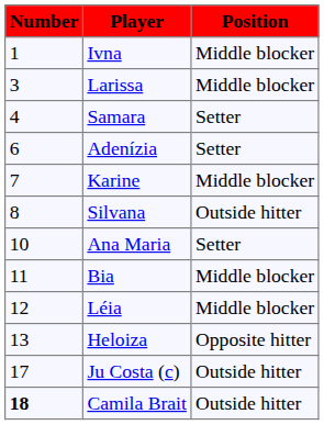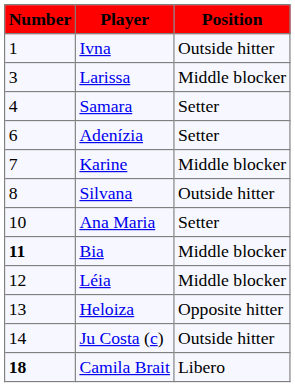 <table bgcolor="#f7f8ff" cellpadding="3" cellspacing="0" border="1" style="font-size: 95%; border: gray solid 1px; border-collapse: collapse;">
 <tr bgcolor="#ff0000">
 <td align=center><strong>Number</strong></td>
 <td align=center><strong>Player</strong></td>
 <td align=center><strong>Position</strong></td>
 </tr>
 <tr align="left">
 <td>1</td>
 <td> <a href='#'>Ivna</a></td>
-<td>Middle blocker</td>
+<td>Outside hitter</td>
 </tr>
 <tr align=left>
 <td>3</td>
 <td> <a href='#'>Larissa</a></td>
 <td>Middle blocker</td>
 </tr>
 <tr align="left">
 <td>4</td>
 <td> <a href='#'>Samara</a></td>
 <td>Setter</td>
 </tr>
 <tr align="left">
 <td>6</td>
 <td> <a href='#'>Adenízia</a></td>
 <td>Setter</td>
 </tr>
 <tr align="left">
 <td>7</td>
 <td> <a href='#'>Karine</a></td>
 <td>Middle blocker</td>
 </tr>
 <tr align="left">
 <td>8</td>
 <td> <a href='#'>Silvana</a></td>
 <td>Outside hitter</td>
 </tr>
 <tr align="left">
 <td>10</td>
 <td> <a href='#'>Ana Maria</a></td>
 <td>Setter</td>
 </tr>
 <tr align="left">
-<td>11</td>
+<td><strong>11</strong></td>
 <td> <a href='#'>Bia</a></td>
 <td>Middle blocker</td>
 </tr>
 <tr align="left">
 <td>12</td>
 <td> <a href='#'>Léia</a></td>
 <td>Middle blocker</td>
 </tr>
 <tr align="left">
 <td>13</td>
 <td> <a href='#'>Heloiza</a></td>
 <td>Opposite hitter</td>
 </tr>
 <tr align="left">
-<td>17</td>
+<td>14</td>
 <td> <a href='#'>Ju Costa</a> (<a href='#'>c</a>)</td>
 <td>Outside hitter</td>
 </tr>
 <tr align="left">
 <td><strong>18</strong></td>
 <td> <a href='#'>Camila Brait</a></td>
-<td>Outside hitter</td>
+<td>Libero</td>
 </tr>
 </table>
